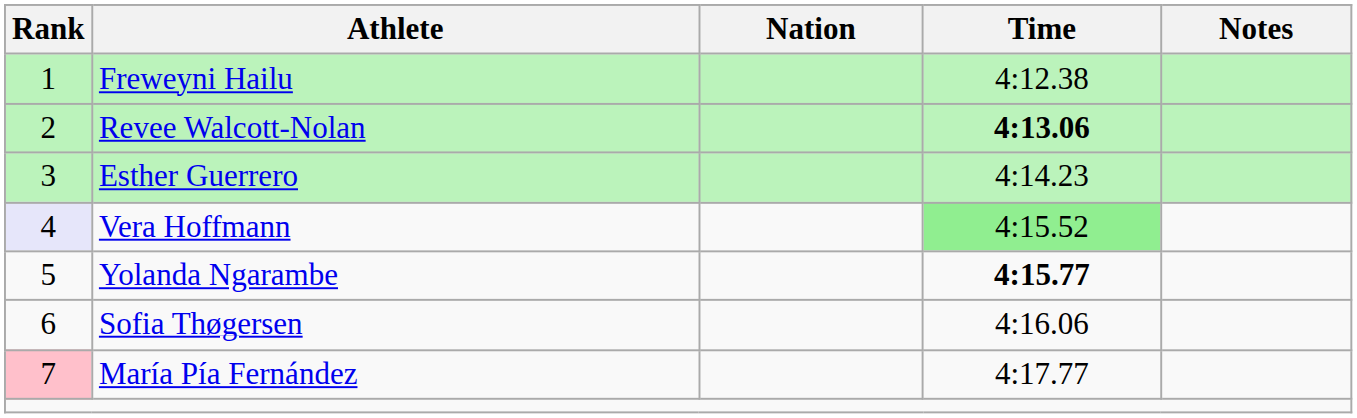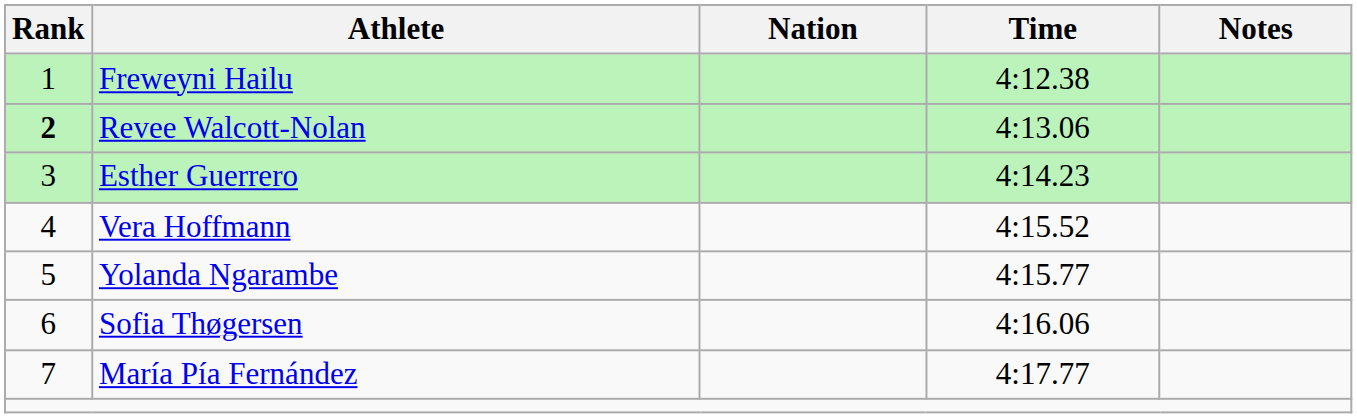 <table class="wikitable sortable" style="text-align:center;width: 55%;">
 <tr>
 <th scope="col" style="width: 10px;">Rank</th>
 <th scope="col">Athlete</th>
 <th scope="col">Nation</th>
 <th scope="col">Time</th>
 <th scope="col">Notes</th>
 </tr>
 <tr bgcolor=bbf3bb>
 <td>1</td>
 <td align=left><a href='#'>Freweyni Hailu</a></td>
 <td align=left></td>
 <td>4:12.38</td>
 <td></td>
 </tr>
 <tr bgcolor=bbf3bb>
-<td>2</td>
+<td><strong>2</strong></td>
 <td align=left><a href='#'>Revee Walcott-Nolan</a></td>
 <td align=left></td>
-<td><strong>4:13.06</strong></td>
+<td>4:13.06</td>
 <td></td>
 </tr>
 <tr bgcolor=bbf3bb>
 <td>3</td>
 <td align=left><a href='#'>Esther Guerrero</a></td>
 <td align=left></td>
 <td>4:14.23</td>
 <td></td>
 </tr>
 <tr>
-<td style="background: lavender;">4</td>
+<td>4</td>
 <td align=left><a href='#'>Vera Hoffmann</a></td>
 <td align=left></td>
-<td style="background: lightgreen;">4:15.52</td>
+<td>4:15.52</td>
 <td></td>
 </tr>
 <tr>
 <td>5</td>
 <td align=left><a href='#'>Yolanda Ngarambe</a></td>
 <td align=left></td>
-<td><strong>4:15.77</strong></td>
+<td>4:15.77</td>
 <td></td>
 </tr>
 <tr>
 <td>6</td>
 <td align=left><a href='#'>Sofia Thøgersen</a></td>
 <td align=left></td>
 <td>4:16.06</td>
 <td></td>
 </tr>
 <tr>
-<td style="background: pink;">7</td>
+<td>7</td>
 <td align=left><a href='#'>María Pía Fernández</a></td>
 <td align=left></td>
 <td>4:17.77</td>
 <td></td>
 </tr>
 <tr class="sortbottom">
 <td colspan="5"></td>
 </tr>
 </table>
